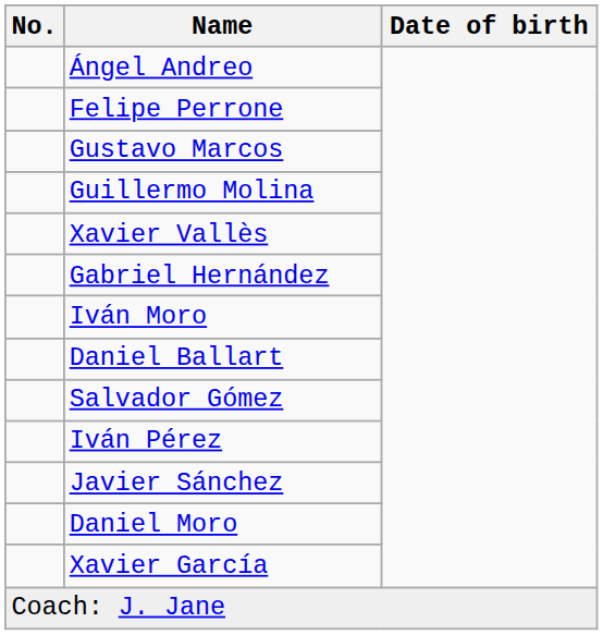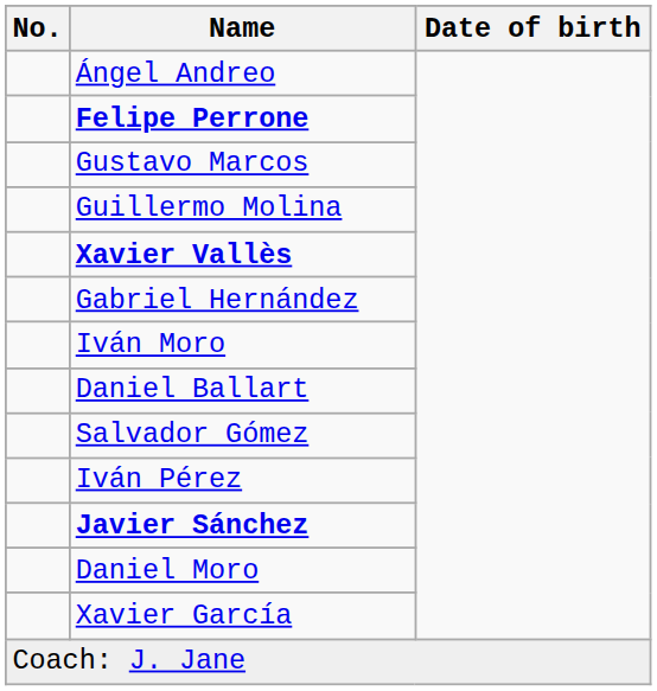 <table class=wikitable sortable style=font-size:100%; text-align:center;>
 <tr>
 <th>No.</th>
 <th style=width:12em>Name</th>
 <th style=width:8em>Date of birth</th>
 </tr>
 <tr>
 <td></td>
 <td align=left><a href='#'>Ángel Andreo</a></td>
 </tr>
 <tr>
 <td></td>
-<td align=left><a href='#'>Felipe Perrone</a></td>
+<td align=left><strong><a href='#'>Felipe Perrone</a></strong></td>
 </tr>
 <tr>
 <td></td>
 <td align=left><a href='#'>Gustavo Marcos</a></td>
 </tr>
 <tr>
 <td></td>
 <td align=left><a href='#'>Guillermo Molina</a></td>
 </tr>
 <tr>
 <td></td>
-<td align=left><a href='#'>Xavier Vallès</a></td>
+<td align=left><strong><a href='#'>Xavier Vallès</a></strong></td>
 </tr>
 <tr>
 <td></td>
 <td align=left><a href='#'>Gabriel Hernández</a></td>
 </tr>
 <tr>
 <td></td>
 <td align=left><a href='#'>Iván Moro</a></td>
 </tr>
 <tr>
 <td></td>
 <td align=left><a href='#'>Daniel Ballart</a></td>
 </tr>
 <tr>
 <td></td>
 <td align=left><a href='#'>Salvador Gómez</a></td>
 </tr>
 <tr>
 <td></td>
 <td align=left><a href='#'>Iván Pérez</a></td>
 </tr>
 <tr>
 <td></td>
-<td align=left><a href='#'>Javier Sánchez</a></td>
+<td align=left><strong><a href='#'>Javier Sánchez</a></strong></td>
 </tr>
 <tr>
 <td></td>
 <td align=left><a href='#'>Daniel Moro</a></td>
 </tr>
 <tr>
 <td></td>
 <td align=left><a href='#'>Xavier García</a></td>
 </tr>
 <tr style=background:#efefef;>
 <td colspan=3 style=text-align:left;>Coach: <a href='#'>J. Jane</a></td>
 </tr>
 </table>
